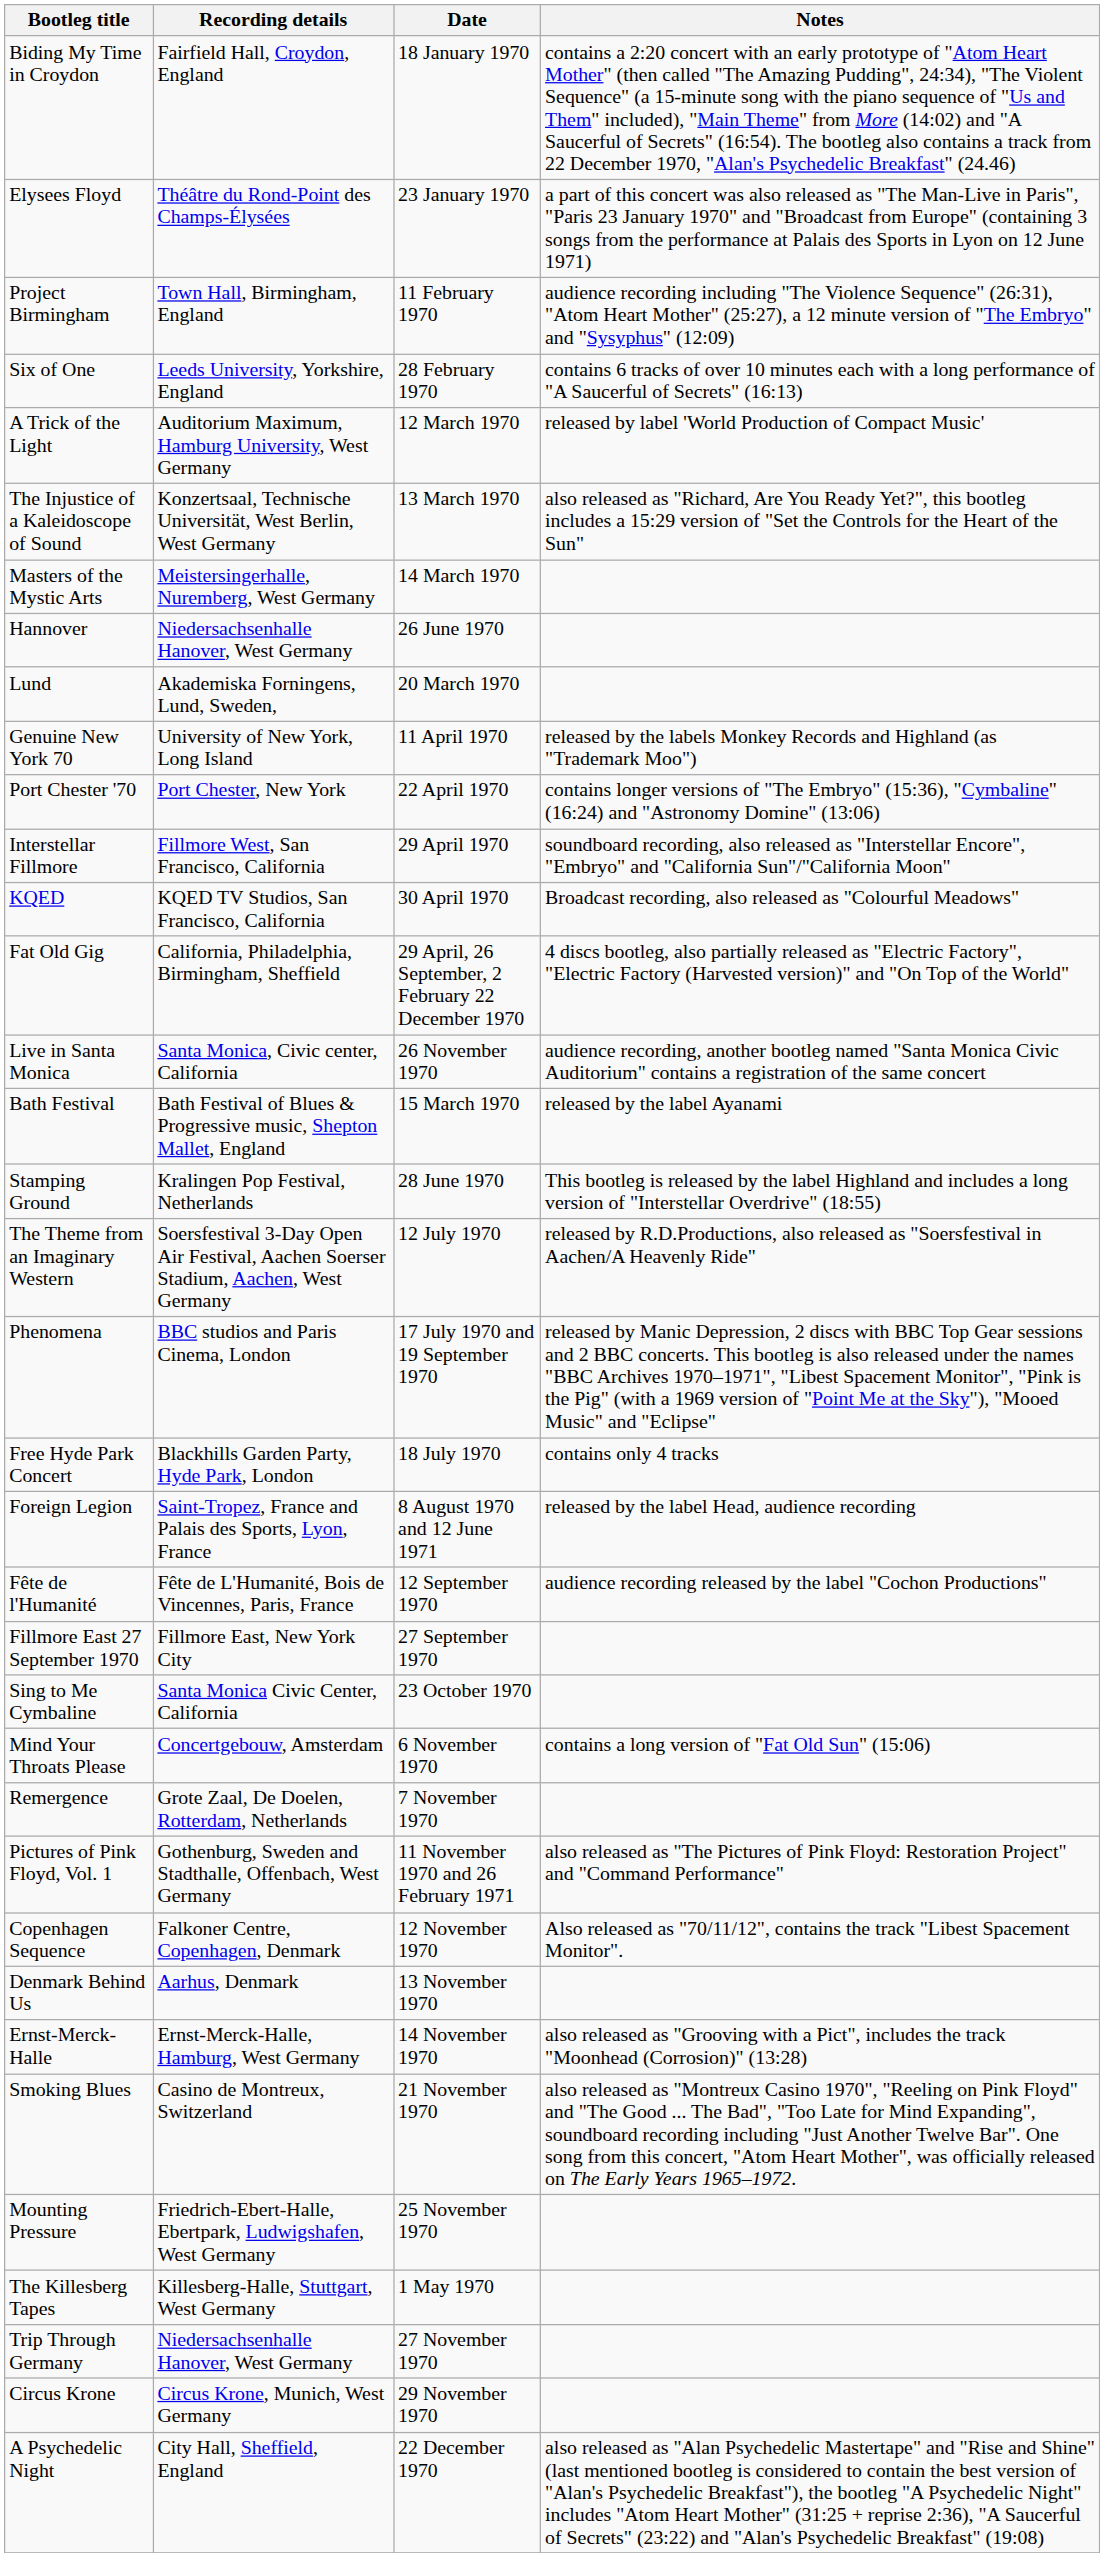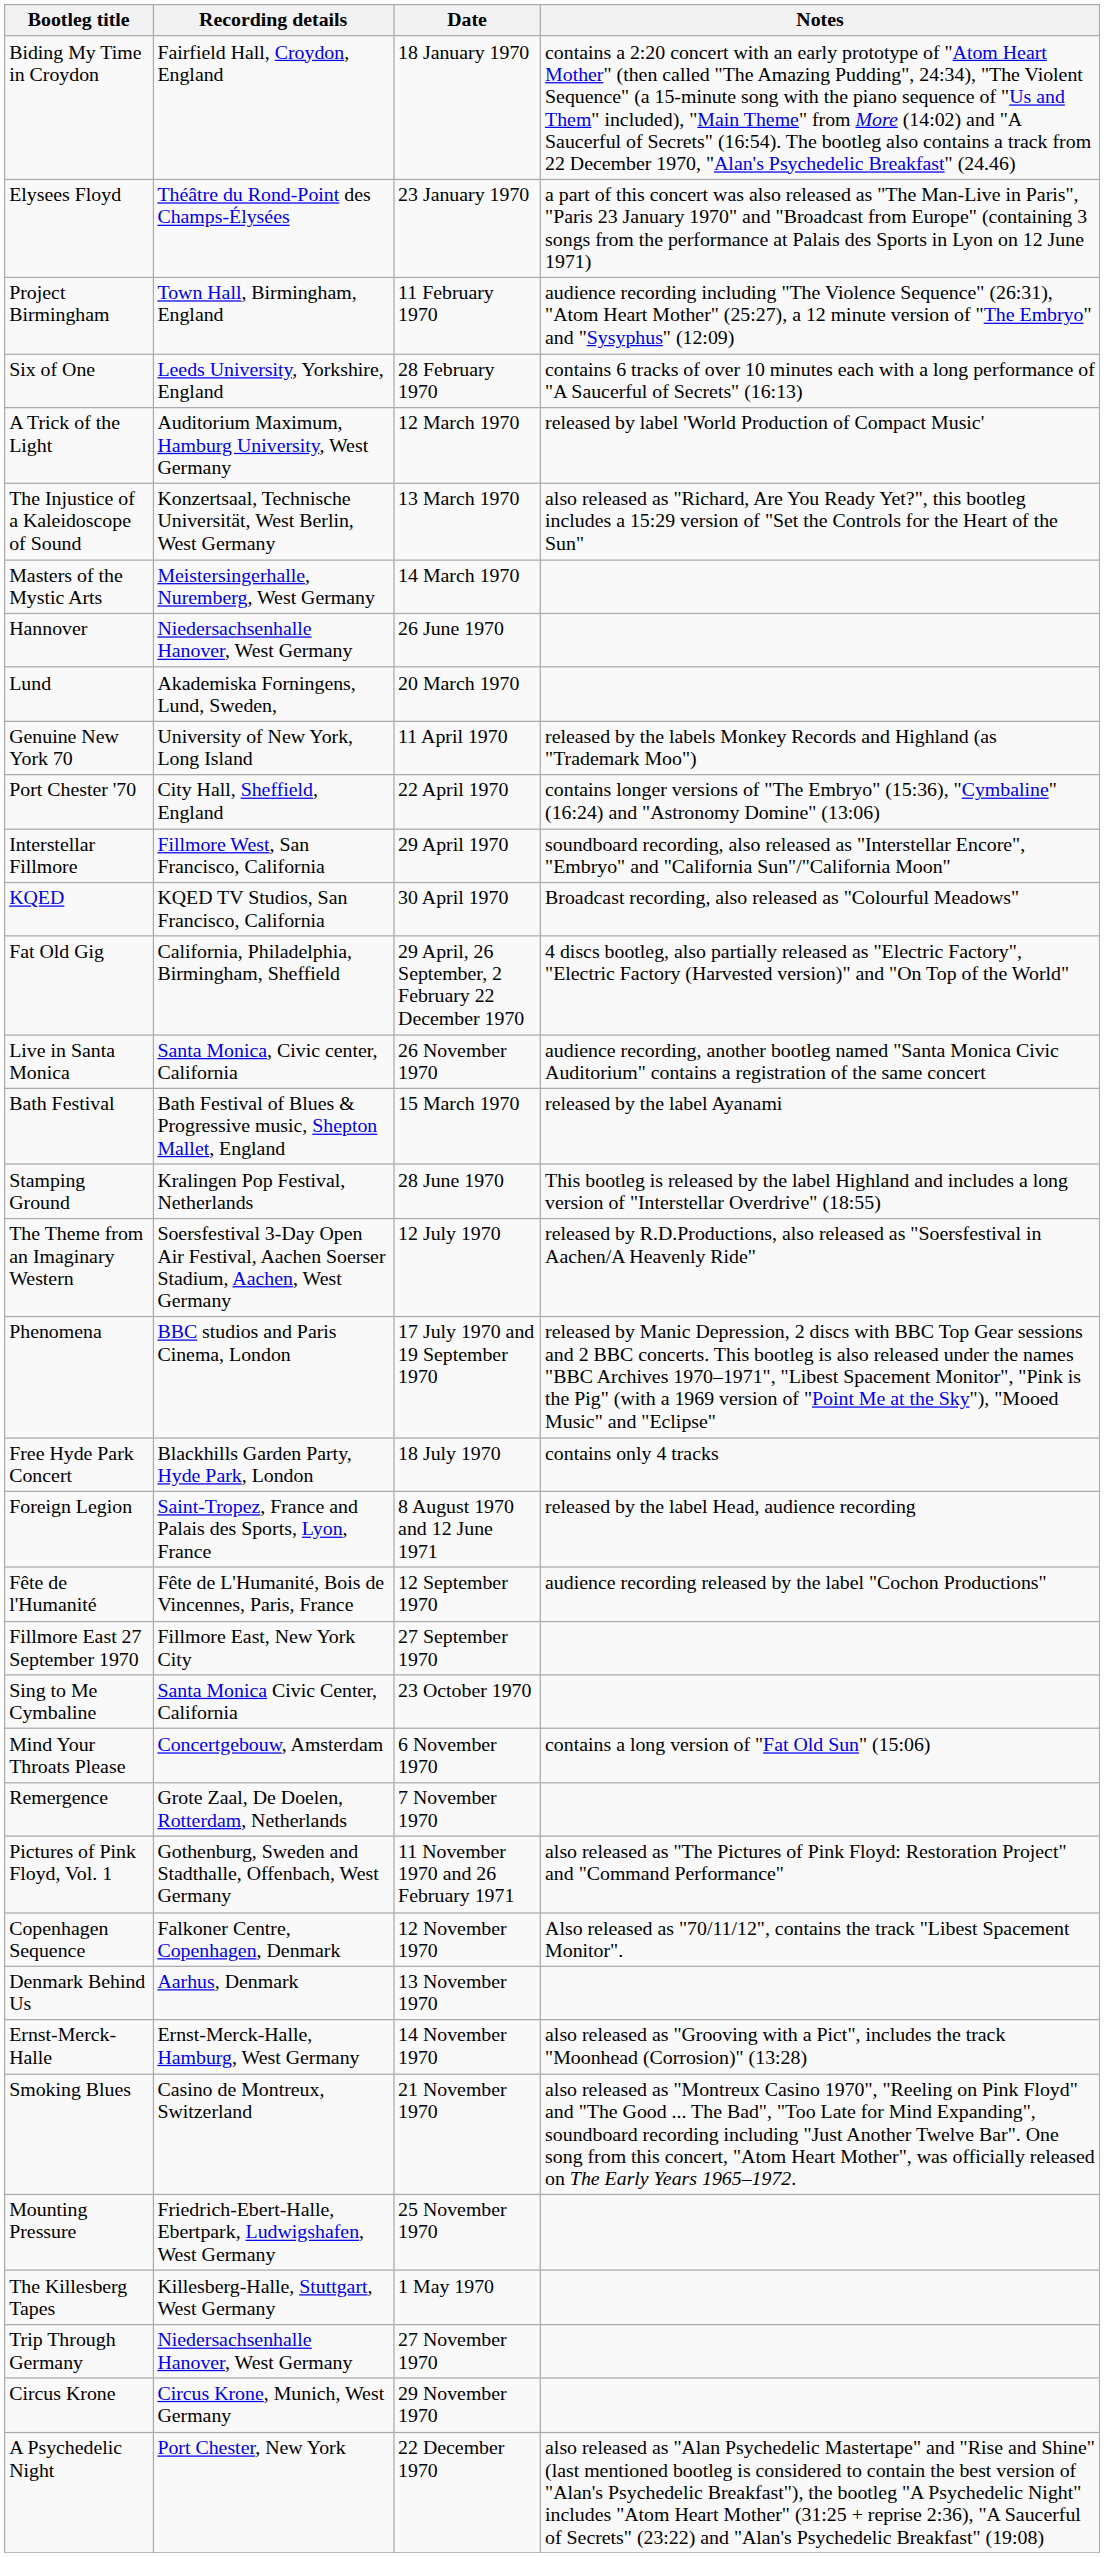 <table class="wikitable" style="width:100%; padding:6px; align:center;">
 <tr>
 <th>Bootleg title</th>
 <th>Recording details</th>
 <th>Date</th>
 <th>Notes</th>
 </tr>
 <tr>
 <td valign="top">Biding My Time in Croydon</td>
 <td valign="top">Fairfield Hall, <a href='#'>Croydon</a>, England</td>
 <td valign="top">18 January 1970</td>
 <td valign="top">contains a 2:20 concert with an early prototype of "<a href='#'>Atom Heart Mother</a>" (then called "The Amazing Pudding", 24:34), "The Violent Sequence" (a 15-minute song with the piano sequence of "<a href='#'>Us and Them</a>" included), "<a href='#'>Main Theme</a>" from <em><a href='#'>More</a></em> (14:02) and "A Saucerful of Secrets" (16:54). The bootleg also contains a track from 22 December 1970, "<a href='#'>Alan's Psychedelic Breakfast</a>" (24.46)</td>
 </tr>
 <tr>
 <td valign="top">Elysees Floyd</td>
 <td valign="top"><a href='#'>Théâtre du Rond-Point</a> des <a href='#'>Champs-Élysées</a></td>
 <td valign="top">23 January 1970</td>
 <td valign="top">a part of this concert was also released as "The Man-Live in Paris", "Paris 23 January 1970" and "Broadcast from Europe" (containing 3 songs from the performance at Palais des Sports in Lyon on 12 June 1971)</td>
 </tr>
 <tr>
 <td valign="top">Project Birmingham</td>
 <td valign="top"><a href='#'>Town Hall</a>, Birmingham, England</td>
 <td valign="top">11 February 1970</td>
 <td valign="top">audience recording including "The Violence Sequence" (26:31), "Atom Heart Mother" (25:27), a 12 minute version of "<a href='#'>The Embryo</a>" and "<a href='#'>Sysyphus</a>" (12:09)</td>
 </tr>
 <tr>
 <td valign="top">Six of One</td>
 <td valign="top"><a href='#'>Leeds University</a>, Yorkshire, England</td>
 <td valign="top">28 February 1970</td>
 <td valign="top">contains 6 tracks of over 10 minutes each with a long performance of "A Saucerful of Secrets" (16:13)</td>
 </tr>
 <tr>
 <td valign="top">A Trick of the Light</td>
 <td valign="top">Auditorium Maximum, <a href='#'>Hamburg University</a>, West Germany</td>
 <td valign="top">12 March 1970</td>
 <td valign="top">released by label 'World Production of Compact Music'</td>
 </tr>
 <tr>
 <td valign="top">The Injustice of a Kaleidoscope of Sound</td>
 <td valign="top">Konzertsaal, Technische Universität, West Berlin, West Germany</td>
 <td valign="top">13 March 1970</td>
 <td valign="top">also released as "Richard, Are You Ready Yet?", this bootleg includes a 15:29 version of "Set the Controls for the Heart of the Sun"</td>
 </tr>
 <tr>
 <td valign="top">Masters of the Mystic Arts</td>
 <td valign="top"><a href='#'>Meistersingerhalle</a>, <a href='#'>Nuremberg</a>, West Germany</td>
 <td valign="top">14 March 1970</td>
 <td valign="top"></td>
 </tr>
 <tr>
 <td valign="top">Hannover</td>
 <td valign="top"><a href='#'>Niedersachsenhalle</a> <a href='#'>Hanover</a>, West Germany</td>
 <td valign="top">26 June 1970</td>
 <td valign="top"></td>
 </tr>
 <tr>
 <td valign="top">Lund</td>
 <td valign="top">Akademiska Forningens, Lund, Sweden,</td>
 <td valign="top">20 March 1970</td>
 <td valign="top"></td>
 </tr>
 <tr>
 <td valign="top">Genuine New York 70</td>
 <td valign="top">University of New York, Long Island</td>
 <td valign="top">11 April 1970</td>
 <td valign="top">released by the labels Monkey Records and Highland (as "Trademark Moo")</td>
 </tr>
 <tr>
 <td valign="top">Port Chester '70</td>
-<td valign="top"><a href='#'>Port Chester</a>, New York</td>
+<td valign="top">City Hall, <a href='#'>Sheffield</a>, England</td>
 <td valign="top">22 April 1970</td>
 <td valign="top">contains longer versions of "The Embryo" (15:36), "<a href='#'>Cymbaline</a>" (16:24) and "Astronomy Domine" (13:06)</td>
 </tr>
 <tr>
 <td valign="top">Interstellar Fillmore</td>
 <td valign="top"><a href='#'>Fillmore West</a>, San Francisco, California</td>
 <td valign="top">29 April 1970</td>
 <td valign="top">soundboard recording, also released as "Interstellar Encore", "Embryo" and "California Sun"/"California Moon"</td>
 </tr>
 <tr>
 <td valign="top"><a href='#'>KQED</a></td>
 <td valign="top">KQED TV Studios, San Francisco, California</td>
 <td valign="top">30 April 1970</td>
 <td valign="top">Broadcast recording, also released as "Colourful Meadows"</td>
 </tr>
 <tr>
 <td valign="top">Fat Old Gig</td>
 <td valign="top">California, Philadelphia, Birmingham, Sheffield</td>
 <td valign="top">29 April, 26 September, 2 February 22 December 1970</td>
 <td valign="top">4 discs bootleg, also partially released as "Electric Factory", "Electric Factory (Harvested version)" and "On Top of the World"</td>
 </tr>
 <tr>
 <td valign="top">Live in Santa Monica</td>
 <td valign="top"><a href='#'>Santa Monica</a>, Civic center, California</td>
 <td valign="top">26 November 1970</td>
 <td valign="top">audience recording, another bootleg named "Santa Monica Civic Auditorium" contains a registration of the same concert</td>
 </tr>
 <tr>
 <td valign="top">Bath Festival</td>
 <td valign="top">Bath Festival of Blues & Progressive music, <a href='#'>Shepton Mallet</a>, England</td>
 <td valign="top">15 March 1970</td>
 <td valign="top">released by the label Ayanami</td>
 </tr>
 <tr>
 <td valign="top">Stamping Ground</td>
 <td valign="top">Kralingen Pop Festival, Netherlands</td>
 <td valign="top">28 June 1970</td>
 <td valign="top">This bootleg is released by the label Highland and includes a long version of "Interstellar Overdrive" (18:55)</td>
 </tr>
 <tr>
 <td valign="top">The Theme from an Imaginary Western</td>
 <td valign="top">Soersfestival 3-Day Open Air Festival, Aachen Soerser Stadium, <a href='#'>Aachen</a>, West Germany</td>
 <td valign="top">12 July 1970</td>
 <td valign="top">released by R.D.Productions, also released as "Soersfestival in Aachen/A Heavenly Ride"</td>
 </tr>
 <tr>
 <td valign="top">Phenomena</td>
 <td valign="top"><a href='#'>BBC</a> studios and Paris Cinema, London</td>
 <td valign="top">17 July 1970 and 19 September 1970</td>
 <td valign="top">released by Manic Depression, 2 discs with BBC Top Gear sessions and 2 BBC concerts. This bootleg is also released under the names "BBC Archives 1970–1971", "Libest Spacement Monitor", "Pink is the Pig" (with a 1969 version of "<a href='#'>Point Me at the Sky</a>"), "Mooed Music" and "Eclipse"</td>
 </tr>
 <tr>
 <td valign="top">Free Hyde Park Concert</td>
 <td valign="top">Blackhills Garden Party, <a href='#'>Hyde Park</a>, London</td>
 <td valign="top">18 July 1970</td>
 <td valign="top">contains only 4 tracks</td>
 </tr>
 <tr>
 <td valign="top">Foreign Legion</td>
 <td valign="top"><a href='#'>Saint-Tropez</a>, France and Palais des Sports, <a href='#'>Lyon</a>, France</td>
 <td valign="top">8 August 1970 and 12 June 1971</td>
 <td valign="top">released by the label Head, audience recording</td>
 </tr>
 <tr>
 <td valign="top">Fête de l'Humanité</td>
 <td valign="top">Fête de L'Humanité, Bois de Vincennes, Paris, France</td>
 <td valign="top">12 September 1970</td>
 <td valign="top">audience recording released by the label "Cochon Productions"</td>
 </tr>
 <tr>
 <td valign="top">Fillmore East 27 September 1970</td>
 <td valign="top">Fillmore East, New York City</td>
 <td valign="top">27 September 1970</td>
 <td valign="top"></td>
 </tr>
 <tr>
 <td valign="top">Sing to Me Cymbaline</td>
 <td valign="top"><a href='#'>Santa Monica</a> Civic Center, California</td>
 <td valign="top">23 October 1970</td>
 <td valign="top"></td>
 </tr>
 <tr>
 <td valign="top">Mind Your Throats Please</td>
 <td valign="top"><a href='#'>Concertgebouw</a>, Amsterdam</td>
 <td valign="top">6 November 1970</td>
 <td valign="top">contains a long version of "<a href='#'>Fat Old Sun</a>" (15:06)</td>
 </tr>
 <tr>
 <td valign="top">Remergence</td>
 <td valign="top">Grote Zaal, De Doelen, <a href='#'>Rotterdam</a>, Netherlands</td>
 <td valign="top">7 November 1970</td>
 <td valign="top"></td>
 </tr>
 <tr>
 <td valign="top">Pictures of Pink Floyd, Vol. 1</td>
 <td valign="top">Gothenburg, Sweden and Stadthalle, Offenbach, West Germany</td>
 <td valign="top">11 November 1970 and 26 February 1971</td>
 <td valign="top">also released as "The Pictures of Pink Floyd: Restoration Project" and "Command Performance"</td>
 </tr>
 <tr>
 <td valign="top">Copenhagen Sequence</td>
 <td valign="top">Falkoner Centre, <a href='#'>Copenhagen</a>, Denmark</td>
 <td valign="top">12 November 1970</td>
 <td valign="top">Also released as "70/11/12", contains the track "Libest Spacement Monitor".</td>
 </tr>
 <tr>
 <td valign="top">Denmark Behind Us</td>
 <td valign="top"><a href='#'>Aarhus</a>, Denmark</td>
 <td valign="top">13 November 1970</td>
 <td valign="top"></td>
 </tr>
 <tr>
 <td valign="top">Ernst-Merck-Halle</td>
 <td valign="top">Ernst-Merck-Halle, <a href='#'>Hamburg</a>, West Germany</td>
 <td valign="top">14 November 1970</td>
 <td valign="top">also released as "Grooving with a Pict", includes the track "Moonhead (Corrosion)" (13:28)</td>
 </tr>
 <tr>
 <td valign="top">Smoking Blues</td>
 <td valign="top">Casino de Montreux, Switzerland</td>
 <td valign="top">21 November 1970</td>
 <td valign="top">also released as "Montreux Casino 1970", "Reeling on Pink Floyd" and "The Good ... The Bad", "Too Late for Mind Expanding", soundboard recording including "Just Another Twelve Bar". One song from this concert, "Atom Heart Mother", was officially released on <em>The Early Years 1965–1972</em>.</td>
 </tr>
 <tr>
 <td valign="top">Mounting Pressure</td>
 <td valign="top">Friedrich-Ebert-Halle, Ebertpark, <a href='#'>Ludwigshafen</a>, West Germany</td>
 <td valign="top">25 November 1970</td>
 <td valign="top"></td>
 </tr>
 <tr>
 <td valign="top">The Killesberg Tapes</td>
 <td valign="top">Killesberg-Halle, <a href='#'>Stuttgart</a>, West Germany</td>
 <td valign="top">1 May 1970</td>
 <td valign="top"></td>
 </tr>
 <tr>
 <td valign="top">Trip Through Germany</td>
 <td valign="top"><a href='#'>Niedersachsenhalle</a> <a href='#'>Hanover</a>, West Germany</td>
 <td valign="top">27 November 1970</td>
 <td valign="top"></td>
 </tr>
 <tr>
 <td valign="top">Circus Krone</td>
 <td valign="top"><a href='#'>Circus Krone</a>, Munich, West Germany</td>
 <td valign="top">29 November 1970</td>
 <td valign="top"></td>
 </tr>
 <tr>
 <td valign="top">A Psychedelic Night</td>
-<td valign="top">City Hall, <a href='#'>Sheffield</a>, England</td>
+<td valign="top"><a href='#'>Port Chester</a>, New York</td>
 <td valign="top">22 December 1970</td>
 <td valign="top">also released as "Alan Psychedelic Mastertape" and "Rise and Shine" (last mentioned bootleg is considered to contain the best version of "Alan's Psychedelic Breakfast"), the bootleg "A Psychedelic Night" includes "Atom Heart Mother" (31:25 + reprise 2:36), "A Saucerful of Secrets" (23:22) and "Alan's Psychedelic Breakfast" (19:08)</td>
 </tr>
 </table>
